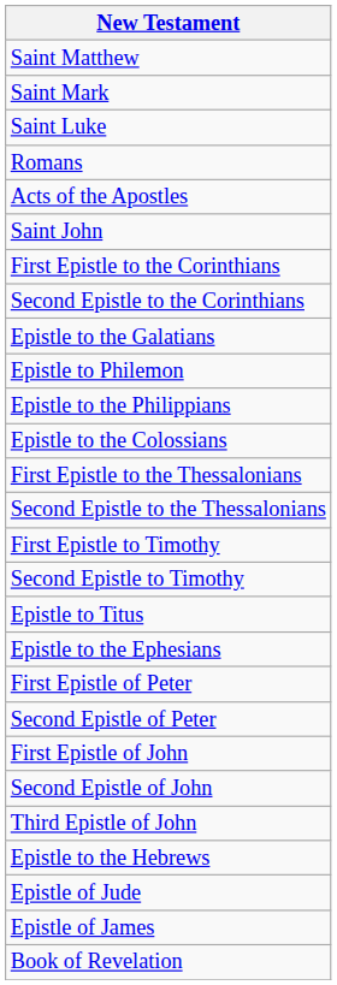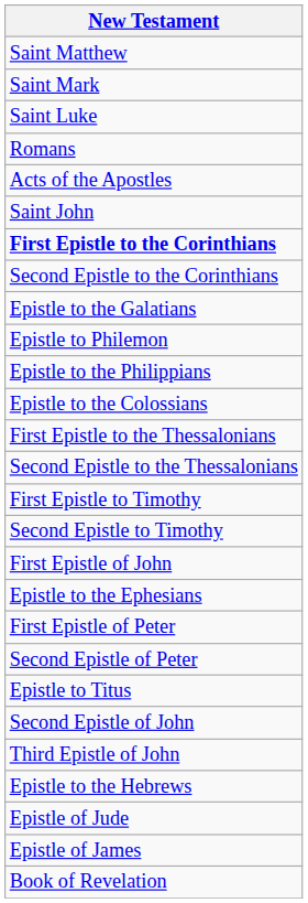 <table class=wikitable>
 <tr>
 <th><a href='#'>New Testament</a></th>
 </tr>
 <tr>
 <td><a href='#'>Saint Matthew</a></td>
 </tr>
 <tr>
 <td><a href='#'>Saint Mark</a></td>
 </tr>
 <tr>
 <td><a href='#'>Saint Luke</a></td>
 </tr>
 <tr>
 <td><a href='#'>Romans</a></td>
 </tr>
 <tr>
 <td><a href='#'>Acts of the Apostles</a></td>
 </tr>
 <tr>
 <td><a href='#'>Saint John</a></td>
 </tr>
 <tr>
-<td><a href='#'>First Epistle to the Corinthians</a></td>
+<td><strong><a href='#'>First Epistle to the Corinthians</a></strong></td>
 </tr>
 <tr>
 <td><a href='#'>Second Epistle to the Corinthians</a></td>
 </tr>
 <tr>
 <td><a href='#'>Epistle to the Galatians</a></td>
 </tr>
 <tr>
 <td><a href='#'>Epistle to Philemon</a></td>
 </tr>
 <tr>
 <td><a href='#'>Epistle to the Philippians</a></td>
 </tr>
 <tr>
 <td><a href='#'>Epistle to the Colossians</a></td>
 </tr>
 <tr>
 <td><a href='#'>First Epistle to the Thessalonians</a></td>
 </tr>
 <tr>
 <td><a href='#'>Second Epistle to the Thessalonians</a></td>
 </tr>
 <tr>
 <td><a href='#'>First Epistle to Timothy</a></td>
 </tr>
 <tr>
 <td><a href='#'>Second Epistle to Timothy</a></td>
 </tr>
 <tr>
-<td><a href='#'>Epistle to Titus</a></td>
+<td><a href='#'>First Epistle of John</a></td>
 </tr>
 <tr>
 <td><a href='#'>Epistle to the Ephesians</a></td>
 </tr>
 <tr>
 <td><a href='#'>First Epistle of Peter</a></td>
 </tr>
 <tr>
 <td><a href='#'>Second Epistle of Peter</a></td>
 </tr>
 <tr>
-<td><a href='#'>First Epistle of John</a></td>
+<td><a href='#'>Epistle to Titus</a></td>
 </tr>
 <tr>
 <td><a href='#'>Second Epistle of John</a></td>
 </tr>
 <tr>
 <td><a href='#'>Third Epistle of John</a></td>
 </tr>
 <tr>
 <td><a href='#'>Epistle to the Hebrews</a></td>
 </tr>
 <tr>
 <td><a href='#'>Epistle of Jude</a></td>
 </tr>
 <tr>
 <td><a href='#'>Epistle of James</a></td>
 </tr>
 <tr>
 <td><a href='#'>Book of Revelation</a></td>
 </tr>
 <tr>
 </tr>
 </table>
